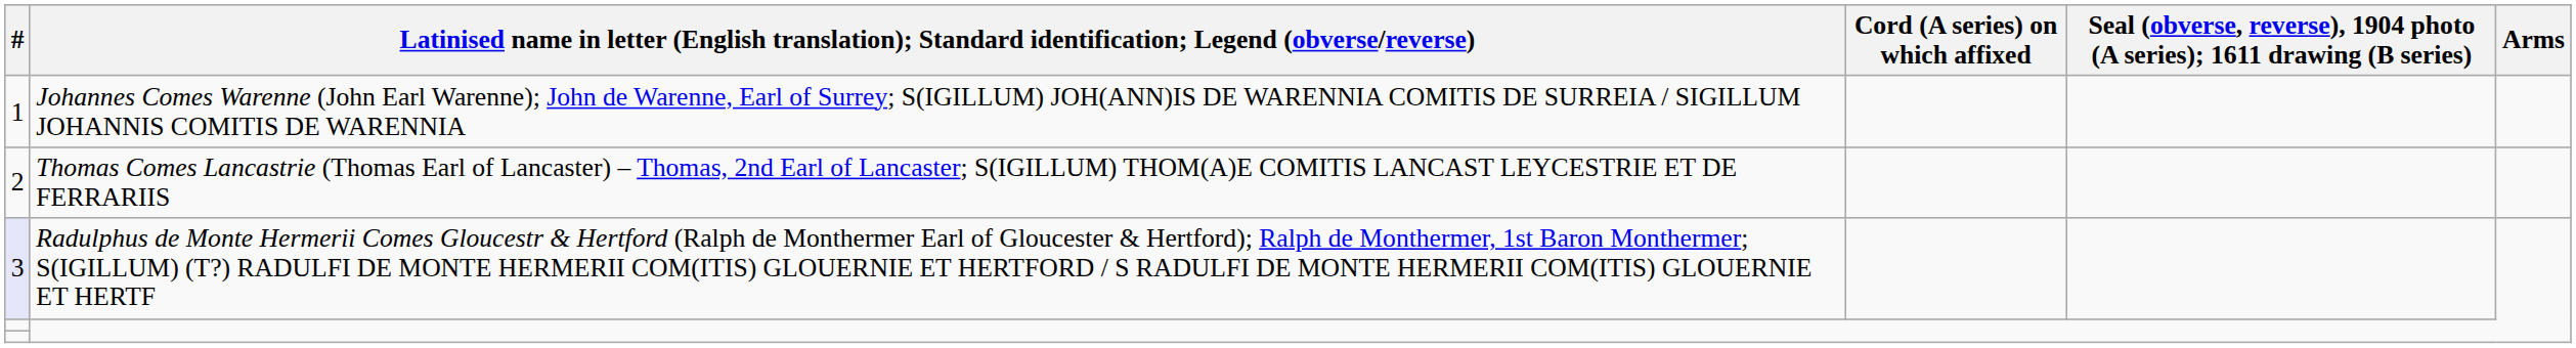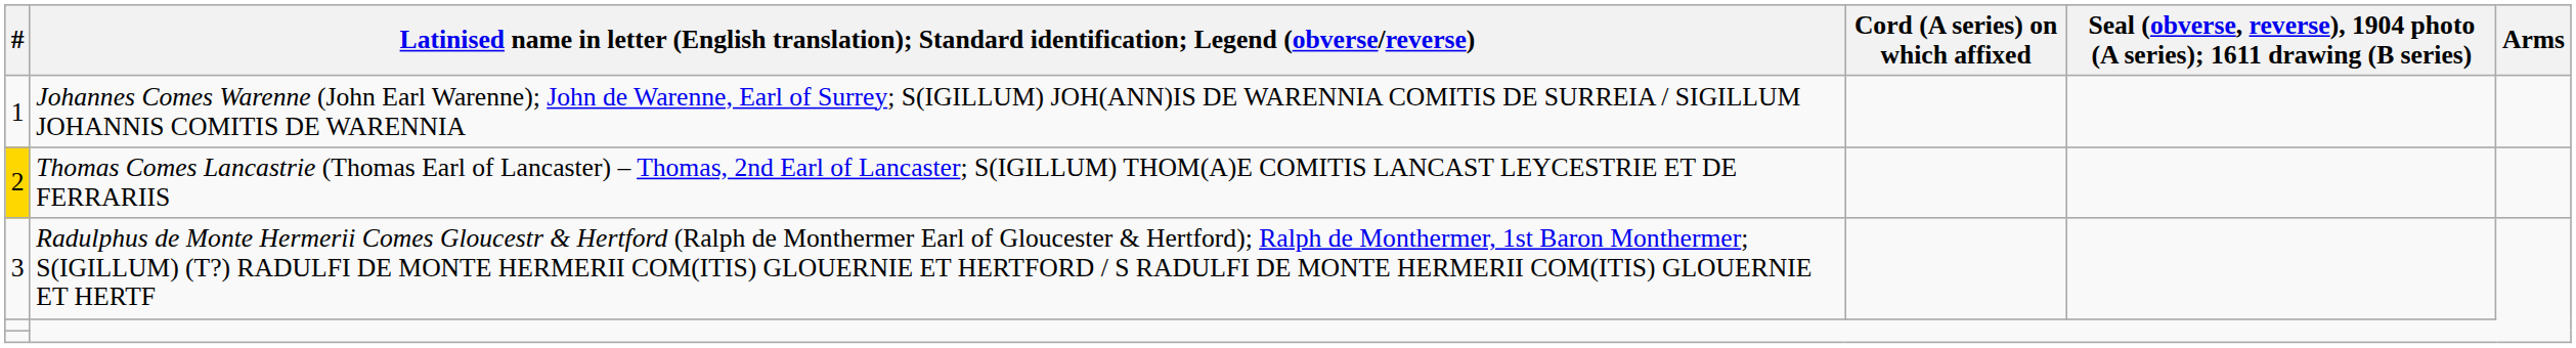 <table class="wikitable">
 <tr>
 <th>#</th>
 <th><a href='#'>Latinised</a> name in letter (English translation); Standard identification; Legend (<a href='#'>obverse</a>/<a href='#'>reverse</a>)</th>
 <th>Cord (A series) on which affixed</th>
 <th>Seal (<a href='#'>obverse</a>, <a href='#'>reverse</a>), 1904 photo (A series); 1611 drawing (B series)</th>
 <th>Arms</th>
 </tr>
 <tr>
 <td>1</td>
 <td><em>Johannes Comes Warenne</em> (John Earl Warenne); <a href='#'>John de Warenne, Earl of Surrey</a>; S(IGILLUM) JOH(ANN)IS DE WARENNIA COMITIS DE SURREIA / SIGILLUM JOHANNIS COMITIS DE WARENNIA</td>
 <td align="center"></td>
 <td></td>
 <td></td>
 </tr>
 <tr>
-<td>2</td>
+<td style="background: gold;">2</td>
 <td><em>Thomas Comes Lancastrie</em> (Thomas Earl of Lancaster) – <a href='#'>Thomas, 2nd Earl of Lancaster</a>; S(IGILLUM) THOM(A)E COMITIS LANCAST LEYCESTRIE ET DE FERRARIIS</td>
 <td align="center"></td>
 <td></td>
 <td></td>
 </tr>
 <tr>
-<td style="background: lavender;">3</td>
+<td>3</td>
 <td><em>Radulphus de Monte Hermerii Comes Gloucestr & Hertford</em> (Ralph de Monthermer Earl of Gloucester & Hertford); <a href='#'>Ralph de Monthermer, 1st Baron Monthermer</a>; S(IGILLUM) (T?) RADULFI DE MONTE HERMERII COM(ITIS) GLOUERNIE ET HERTFORD / S RADULFI DE MONTE HERMERII COM(ITIS) GLOUERNIE ET HERTF</td>
 <td align="center"></td>
 <td><br></td>
 </tr>
 <tr>
 <td></td>
 </tr>
 <tr>
 <td></td>
 </tr>
 </table>
